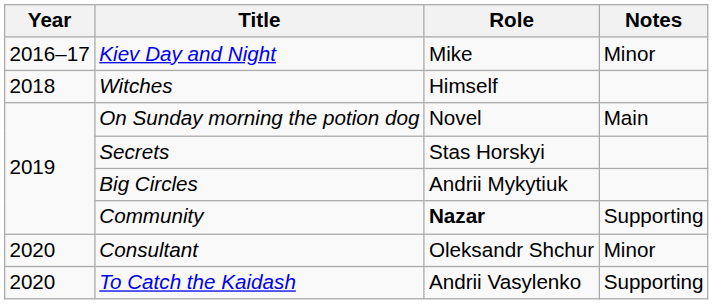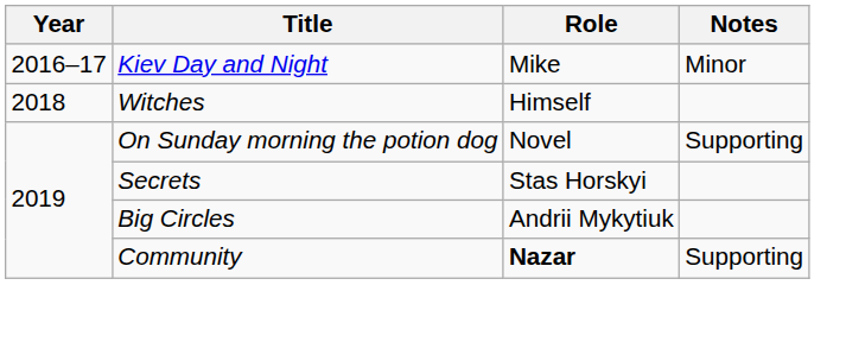 <table class="wikitable">
 <tr>
 <th>Year</th>
 <th>Title</th>
 <th>Role</th>
 <th>Notes</th>
 </tr>
 <tr>
 <td>2016–17</td>
 <td><em><a href='#'>Kiev Day and Night</a></em></td>
 <td>Mike</td>
 <td>Minor</td>
 </tr>
 <tr>
 <td>2018</td>
 <td><em>Witches</em></td>
 <td>Himself</td>
 <td></td>
 </tr>
 <tr>
 <td rowspan="4">2019</td>
 <td><em>On Sunday morning the potion dog</em></td>
 <td>Novel</td>
-<td>Main</td>
+<td>Supporting</td>
 </tr>
 <tr>
 <td><em>Secrets</em></td>
 <td>Stas Horskyi</td>
 <td></td>
 </tr>
 <tr>
 <td><em>Big Circles</em></td>
 <td>Andrii Mykytiuk</td>
 <td></td>
 </tr>
 <tr>
 <td><em>Community</em></td>
 <td><strong>Nazar</strong></td>
 <td>Supporting</td>
 </tr>
-<tr>
-<td>2020</td>
-<td><em>Consultant</em></td>
-<td>Oleksandr Shchur</td>
-<td>Minor</td>
-</tr>
-<tr>
-<td>2020</td>
-<td><em><a href='#'>To Catch the Kaidash</a></em></td>
-<td>Andrii Vasylenko</td>
-<td>Supporting</td>
-</tr>
 </table>
